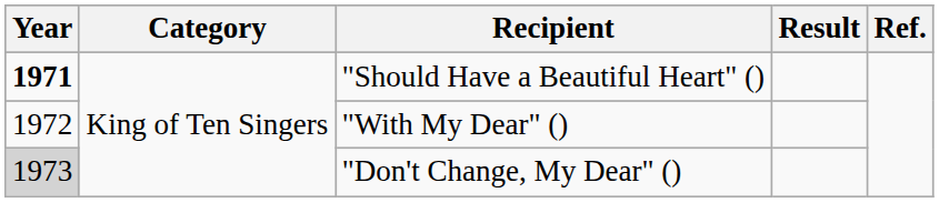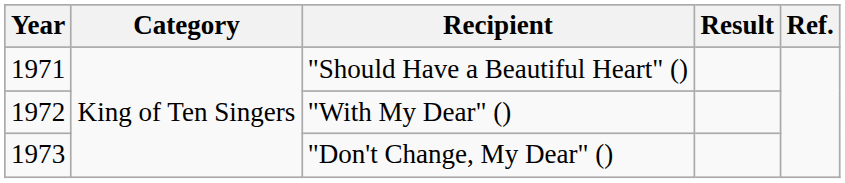 <table class="wikitable">
 <tr>
 <th>Year</th>
 <th>Category</th>
 <th>Recipient</th>
 <th>Result</th>
 <th>Ref.</th>
 </tr>
 <tr>
-<td><strong>1971</strong></td>
+<td>1971</td>
 <td rowspan="3">King of Ten Singers</td>
 <td>"Should Have a Beautiful Heart" ()</td>
 <td></td>
 <td rowspan="3"></td>
 </tr>
 <tr>
 <td>1972</td>
 <td>"With My Dear" ()</td>
 <td></td>
 </tr>
 <tr>
-<td style="background: lightgrey;">1973</td>
+<td>1973</td>
 <td>"Don't Change, My Dear" ()</td>
 <td></td>
 </tr>
 </table>
